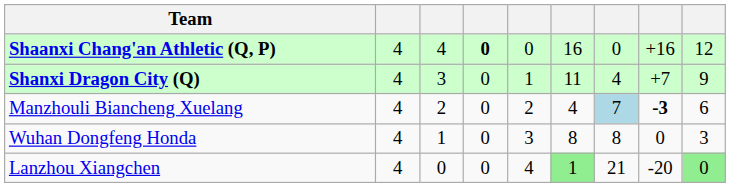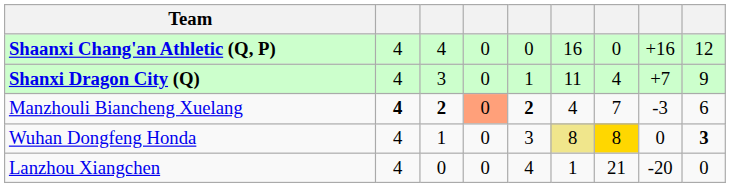 <table class="wikitable" style="text-align:center;">
 <tr>
 <th width=310>Team</th>
 <th width=30></th>
 <th width=30></th>
 <th width=30></th>
 <th width=30></th>
 <th width=30></th>
 <th width=30></th>
 <th width=30></th>
 <th width=30></th>
 </tr>
 <tr bgcolor="#ccffcc">
 <td align="left"><strong><a href='#'>Shaanxi Chang'an Athletic</a> (Q, P)</strong></td>
 <td>4</td>
 <td>4</td>
-<td><strong>0</strong></td>
+<td>0</td>
 <td>0</td>
 <td>16</td>
 <td>0</td>
 <td>+16</td>
 <td>12</td>
 </tr>
 <tr bgcolor="#ccffcc">
 <td align="left"><strong><a href='#'>Shanxi Dragon City</a> (Q)</strong></td>
 <td>4</td>
 <td>3</td>
 <td>0</td>
 <td>1</td>
 <td>11</td>
 <td>4</td>
 <td>+7</td>
 <td>9</td>
 </tr>
 <tr>
 <td align="left"><a href='#'>Manzhouli Biancheng Xuelang</a></td>
+<td><strong>4</strong></td>
+<td><strong>2</strong></td>
+<td style="background: lightsalmon;">0</td>
+<td><strong>2</strong></td>
 <td>4</td>
-<td>2</td>
-<td>0</td>
-<td>2</td>
-<td>4</td>
-<td style="background: lightblue;">7</td>
-<td><strong>-3</strong></td>
+<td>7</td>
+<td>-3</td>
 <td>6</td>
 </tr>
 <tr>
 <td align="left"><a href='#'>Wuhan Dongfeng Honda</a></td>
 <td>4</td>
 <td>1</td>
 <td>0</td>
 <td>3</td>
-<td>8</td>
-<td>8</td>
+<td style="background: khaki;">8</td>
+<td style="background: gold;">8</td>
 <td>0</td>
-<td>3</td>
+<td><strong>3</strong></td>
 </tr>
 <tr>
 <td align="left"><a href='#'>Lanzhou Xiangchen</a></td>
 <td>4</td>
 <td>0</td>
 <td>0</td>
 <td>4</td>
-<td style="background: lightgreen;">1</td>
+<td>1</td>
 <td>21</td>
 <td>-20</td>
-<td style="background: lightgreen;">0</td>
+<td>0</td>
 </tr>
 </table>
